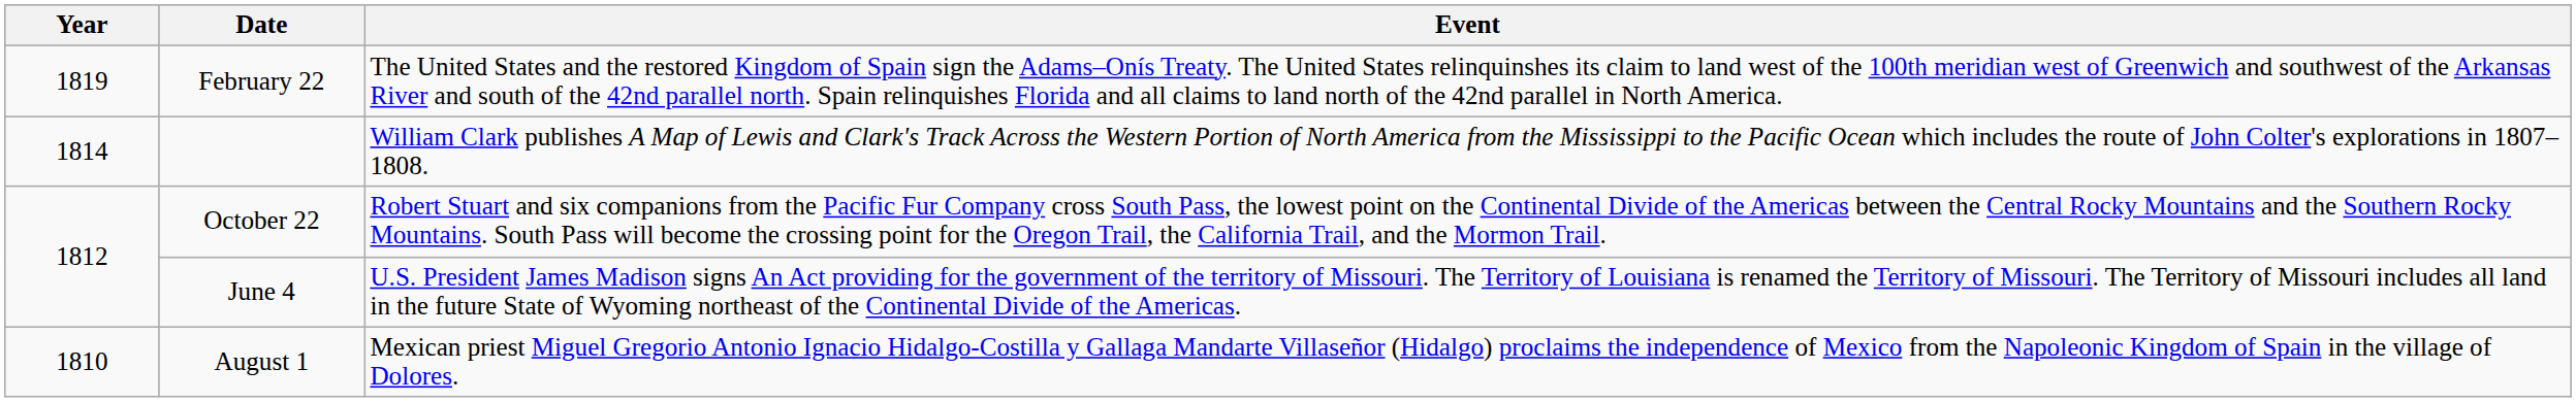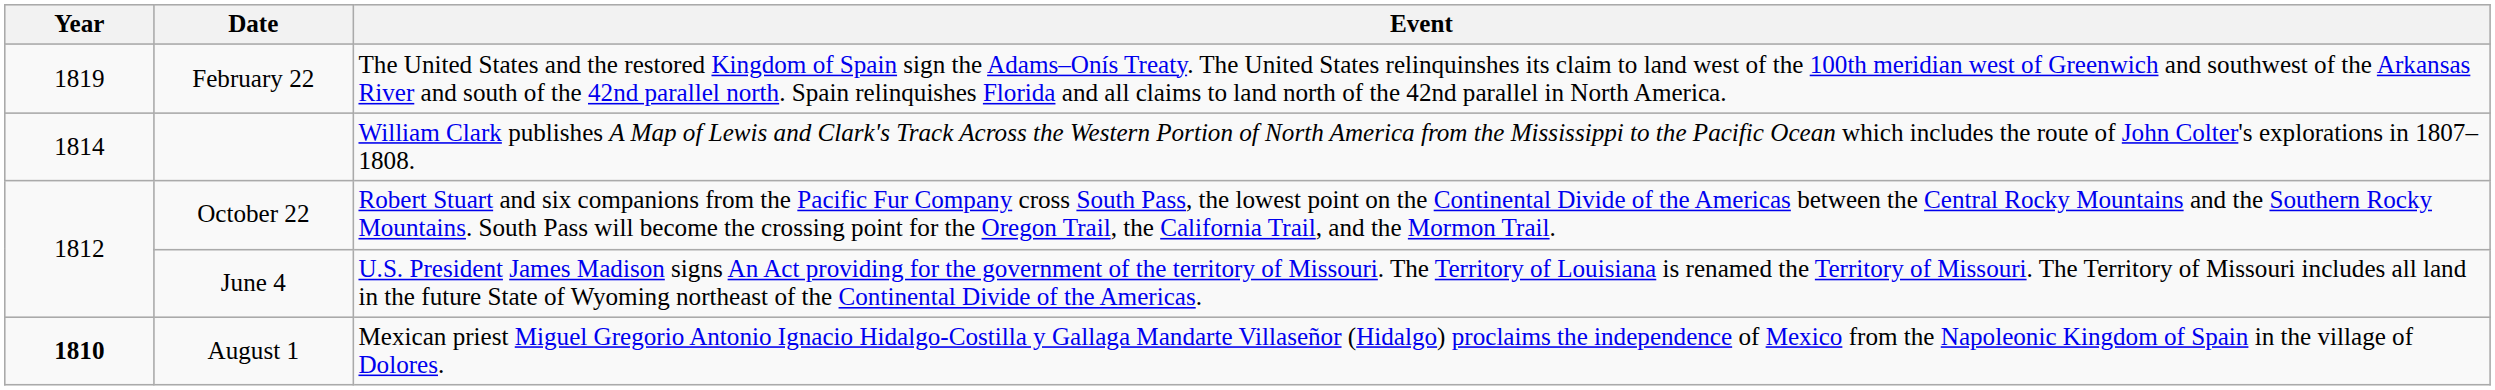 <table class="wikitable" style="width:100%;">
 <tr>
 <th style="width:6%">Year</th>
 <th style="width:8%">Date</th>
 <th style="width:86%">Event</th>
 </tr>
 <tr>
 <td align=center rowspan=1>1819</td>
 <td align=center>February 22</td>
 <td>The United States and the restored <a href='#'>Kingdom of Spain</a> sign the <a href='#'>Adams–Onís Treaty</a>.  The United States relinquinshes its claim to land west of the <a href='#'>100th meridian west of Greenwich</a> and southwest of the <a href='#'>Arkansas River</a> and south of the <a href='#'>42nd parallel north</a>.  Spain relinquishes <a href='#'>Florida</a> and all claims to land north of the 42nd parallel in North America.</td>
 </tr>
 <tr>
 <td align=center rowspan=1>1814</td>
 <td align=center> </td>
 <td><a href='#'>William Clark</a> publishes <em>A Map of Lewis and Clark's Track Across the Western Portion of North America from the Mississippi to the Pacific Ocean</em> which includes the route of <a href='#'>John Colter</a>'s explorations in 1807–1808.</td>
 </tr>
 <tr>
 <td align=center rowspan=2>1812</td>
 <td align=center>October 22</td>
 <td><a href='#'>Robert Stuart</a> and six companions from the <a href='#'>Pacific Fur Company</a> cross <a href='#'>South Pass</a>, the lowest point on the <a href='#'>Continental Divide of the Americas</a> between the <a href='#'>Central Rocky Mountains</a> and the <a href='#'>Southern Rocky Mountains</a>.  South Pass will become the crossing point for the <a href='#'>Oregon Trail</a>, the <a href='#'>California Trail</a>, and the <a href='#'>Mormon Trail</a>.</td>
 </tr>
 <tr>
 <td align=center>June 4</td>
 <td><a href='#'>U.S. President</a> <a href='#'>James Madison</a> signs <a href='#'>An Act providing for the government of the territory of Missouri</a>. The <a href='#'>Territory of Louisiana</a> is renamed the <a href='#'>Territory of Missouri</a>. The Territory of Missouri includes all land in the future State of Wyoming northeast of the <a href='#'>Continental Divide of the Americas</a>.</td>
 </tr>
 <tr>
-<td align=center rowspan=1>1810</td>
+<td align=center rowspan=1><strong>1810</strong></td>
 <td align=center>August 1</td>
 <td>Mexican priest <a href='#'>Miguel Gregorio Antonio Ignacio Hidalgo-Costilla y Gallaga Mandarte Villaseñor</a> (<a href='#'>Hidalgo</a>) <a href='#'>proclaims the independence</a> of <a href='#'>Mexico</a> from the <a href='#'>Napoleonic Kingdom of Spain</a> in the village of <a href='#'>Dolores</a>.</td>
 </tr>
 </table>
